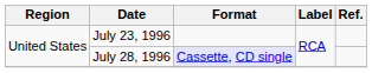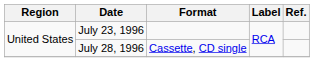 <table class="wikitable">
 <tr>
 <th>Region</th>
 <th>Date</th>
 <th>Format</th>
 <th>Label</th>
 <th>Ref.</th>
 </tr>
 <tr>
 <td rowspan="2">United States</td>
 <td>July 23, 1996</td>
 <td></td>
 <td rowspan="2"><a href='#'>RCA</a></td>
 <td></td>
 </tr>
 <tr>
 <td rowspan="1">July 28, 1996</td>
-<td style="background: lavender;"><a href='#'>Cassette</a>, <a href='#'>CD single</a></td>
+<td><a href='#'>Cassette</a>, <a href='#'>CD single</a></td>
 <td></td>
 </tr>
 <tr>
 </tr>
 </table>
